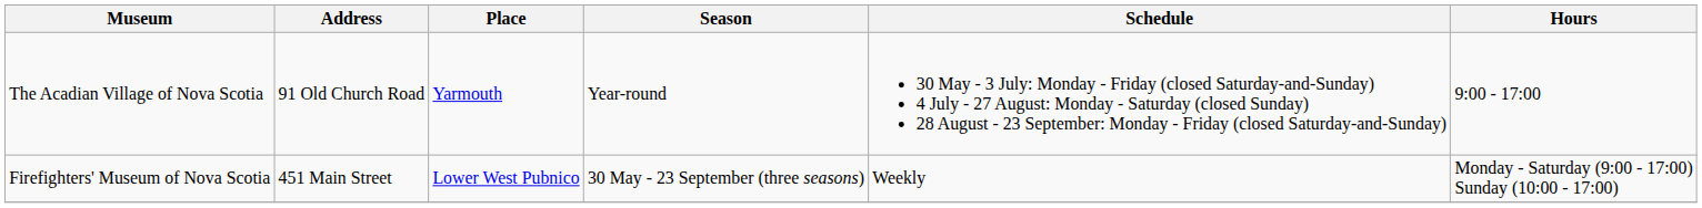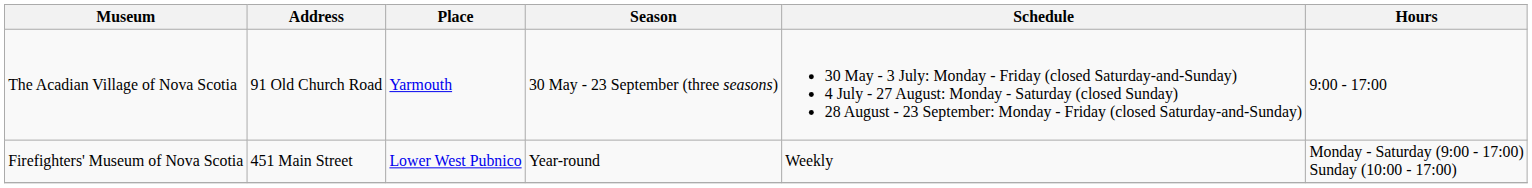 <table class="wikitable sortable">
 <tr>
 <th>Museum</th>
 <th>Address</th>
 <th>Place</th>
 <th>Season</th>
 <th>Schedule</th>
 <th>Hours</th>
 </tr>
 <tr>
 <td>The Acadian Village of Nova Scotia</td>
 <td>91 Old Church Road</td>
 <td><a href='#'>Yarmouth</a></td>
-<td>Year-round</td>
+<td>30 May - 23 September (three <em>seasons</em>)</td>
 <td><br><ul><li>30 May - 3 July: Monday - Friday (closed Saturday-and-Sunday)</li><li>4 July - 27 August: Monday - Saturday (closed Sunday)</li><li>28 August - 23 September: Monday - Friday (closed Saturday-and-Sunday)</li></ul></td>
 <td>9:00 - 17:00</td>
 </tr>
 <tr>
 <td>Firefighters' Museum of Nova Scotia</td>
 <td>451 Main Street</td>
 <td><a href='#'>Lower West Pubnico</a></td>
-<td>30 May - 23 September (three <em>seasons</em>)</td>
+<td>Year-round</td>
 <td>Weekly</td>
 <td>Monday - Saturday (9:00 - 17:00)<br>Sunday (10:00 - 17:00)</td>
 </tr>
 <tr>
 </tr>
 </table>
